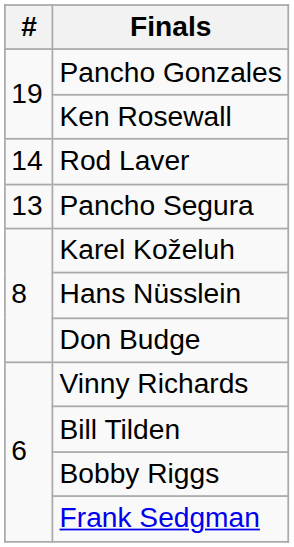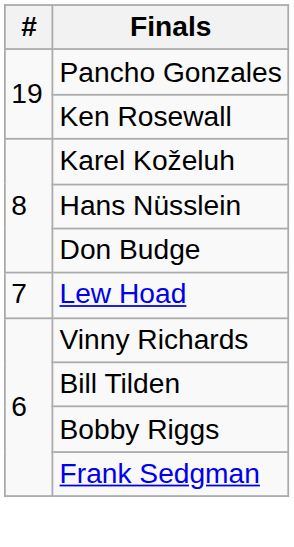 <table class=wikitable style="display:inline-table;">
 <tr>
 <th width=20>#</th>
 <th>Finals</th>
 </tr>
 <tr>
 <td rowspan="2">19</td>
 <td> Pancho Gonzales</td>
 </tr>
 <tr>
 <td> Ken Rosewall</td>
 </tr>
 <tr>
-<td>14</td>
-<td> Rod Laver</td>
-</tr>
-<tr>
-<td>13</td>
-<td> Pancho Segura</td>
-</tr>
-<tr>
 <td rowspan="3">8</td>
 <td> Karel Koželuh</td>
 </tr>
 <tr>
 <td> Hans Nüsslein</td>
 </tr>
 <tr>
 <td> Don Budge</td>
+</tr>
+<tr>
+<td>7</td>
+<td> <a href='#'>Lew Hoad</a></td>
 </tr>
 <tr>
 <td rowspan="4">6</td>
 <td> Vinny Richards</td>
 </tr>
 <tr>
 <td> Bill Tilden</td>
 </tr>
 <tr>
 <td> Bobby Riggs</td>
 </tr>
 <tr>
 <td> <a href='#'>Frank Sedgman</a></td>
 </tr>
 </table>
